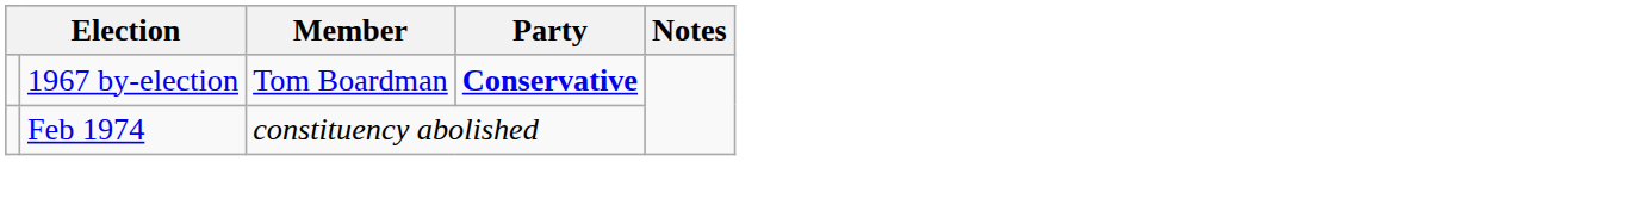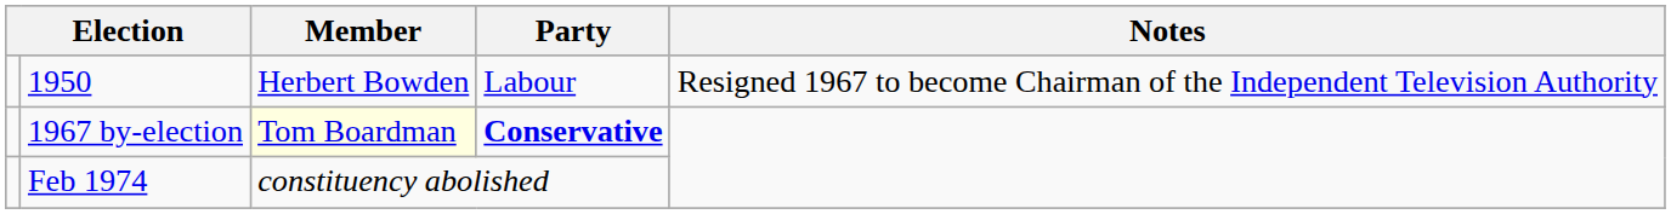 <table class="wikitable">
 <tr>
 <th colspan="2">Election</th>
 <th>Member</th>
 <th>Party</th>
 <th>Notes</th>
 </tr>
 <tr>
 <td style="color:inherit;background-color: "></td>
+<td><a href='#'>1950</a></td>
+<td><a href='#'>Herbert Bowden</a></td>
+<td><a href='#'>Labour</a></td>
+<td>Resigned 1967 to become Chairman of the <a href='#'>Independent Television Authority</a></td>
+</tr>
+<tr>
+<td style="color:inherit;background-color: "></td>
 <td><a href='#'>1967 by-election</a></td>
-<td><a href='#'>Tom Boardman</a></td>
+<td style="background: lightyellow;"><a href='#'>Tom Boardman</a></td>
 <td><strong><a href='#'>Conservative</a></strong></td>
 </tr>
 <tr>
 <td></td>
 <td><a href='#'>Feb 1974</a></td>
 <td colspan="2"><em>constituency abolished</em></td>
 </tr>
 </table>
